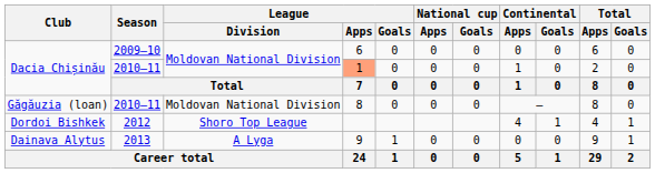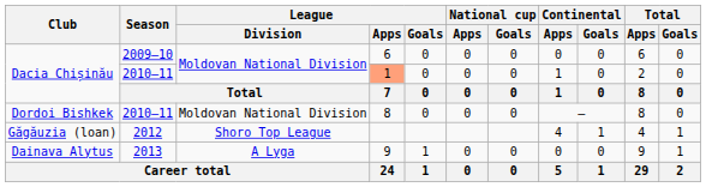 <table class="wikitable" style="text-align:center">
 <tr>
 <th rowspan="2">Club</th>
 <th rowspan="2">Season</th>
 <th colspan="3">League</th>
 <th colspan="2">National cup</th>
 <th colspan="2">Continental</th>
 <th colspan="2">Total</th>
 </tr>
 <tr>
 <th>Division</th>
 <th>Apps</th>
 <th>Goals</th>
 <th>Apps</th>
 <th>Goals</th>
 <th>Apps</th>
 <th>Goals</th>
 <th>Apps</th>
 <th>Goals</th>
 </tr>
 <tr>
 <td rowspan="3"><a href='#'>Dacia Chișinău</a></td>
 <td><a href='#'>2009–10</a></td>
 <td rowspan="2"><a href='#'>Moldovan National Division</a></td>
 <td>6</td>
 <td>0</td>
 <td>0</td>
 <td>0</td>
 <td>0</td>
 <td>0</td>
 <td>6</td>
 <td>0</td>
 </tr>
 <tr>
 <td><a href='#'>2010–11</a></td>
 <td style="background: lightsalmon;">1</td>
 <td>0</td>
 <td>0</td>
 <td>0</td>
 <td>1</td>
 <td>0</td>
 <td>2</td>
 <td>0</td>
 </tr>
 <tr>
 <th colspan="2">Total</th>
 <th>7</th>
 <th>0</th>
 <th>0</th>
 <th>0</th>
 <th>1</th>
 <th>0</th>
 <th>8</th>
 <th>0</th>
 </tr>
 <tr>
-<td><a href='#'>Găgăuzia</a> (loan)</td>
+<td><a href='#'>Dordoi Bishkek</a></td>
 <td><a href='#'>2010–11</a></td>
 <td>Moldovan National Division</td>
 <td>8</td>
 <td>0</td>
 <td>0</td>
 <td>0</td>
 <td colspan="2">–</td>
 <td>8</td>
 <td>0</td>
 </tr>
 <tr>
-<td><a href='#'>Dordoi Bishkek</a></td>
+<td><a href='#'>Găgăuzia</a> (loan)</td>
 <td><a href='#'>2012</a></td>
 <td><a href='#'>Shoro Top League</a></td>
 <td></td>
 <td></td>
 <td></td>
 <td></td>
 <td>4</td>
 <td>1</td>
 <td>4</td>
 <td>1</td>
 </tr>
 <tr>
 <td><a href='#'>Dainava Alytus</a></td>
 <td><a href='#'>2013</a></td>
 <td><a href='#'>A Lyga</a></td>
 <td>9</td>
 <td>1</td>
 <td>0</td>
 <td>0</td>
 <td>0</td>
 <td>0</td>
 <td>9</td>
 <td>1</td>
 </tr>
 <tr>
 <th colspan="3">Career total</th>
 <th>24</th>
 <th>1</th>
 <th>0</th>
 <th>0</th>
 <th>5</th>
 <th>1</th>
 <th>29</th>
 <th>2</th>
 </tr>
 </table>
